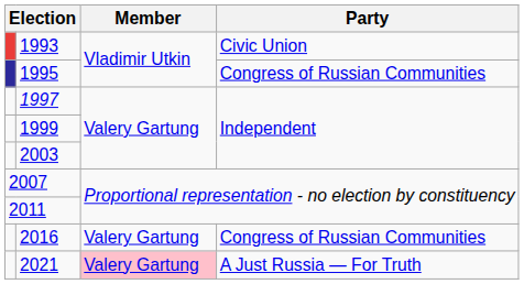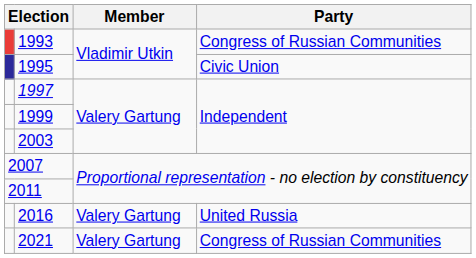 <table class="wikitable">
 <tr>
 <th colspan="2">Election</th>
 <th>Member</th>
 <th>Party</th>
 </tr>
 <tr>
 <td style="background-color:#EA3C38"></td>
 <td><a href='#'>1993</a></td>
 <td rowspan=2><a href='#'>Vladimir Utkin</a></td>
-<td><a href='#'>Civic Union</a></td>
+<td><a href='#'>Congress of Russian Communities</a></td>
 </tr>
 <tr>
 <td style="background-color:#2C299A"></td>
 <td><a href='#'>1995</a></td>
-<td><a href='#'>Congress of Russian Communities</a></td>
+<td><a href='#'>Civic Union</a></td>
 </tr>
 <tr>
 <td style="background-color:"></td>
 <td><em><a href='#'>1997</a></em></td>
 <td rowspan=3><a href='#'>Valery Gartung</a></td>
 <td rowspan=3><a href='#'>Independent</a></td>
 </tr>
 <tr>
 <td style="background-color:"></td>
 <td><a href='#'>1999</a></td>
 </tr>
 <tr>
 <td style="background-color:"></td>
 <td><a href='#'>2003</a></td>
 </tr>
 <tr>
 <td colspan=2><a href='#'>2007</a></td>
 <td colspan=2 rowspan=2><em><a href='#'>Proportional representation</a> - no election by constituency</em></td>
 </tr>
 <tr>
 <td colspan=2><a href='#'>2011</a></td>
 </tr>
 <tr>
 <td style="background-color: "></td>
 <td><a href='#'>2016</a></td>
 <td><a href='#'>Valery Gartung</a></td>
-<td><a href='#'>Congress of Russian Communities</a></td>
+<td><a href='#'>United Russia</a></td>
 </tr>
 <tr>
 <td style="background-color: "></td>
 <td><a href='#'>2021</a></td>
-<td style="background: pink;"><a href='#'>Valery Gartung</a></td>
-<td><a href='#'>A Just Russia — For Truth</a></td>
+<td><a href='#'>Valery Gartung</a></td>
+<td><a href='#'>Congress of Russian Communities</a></td>
 </tr>
 </table>
